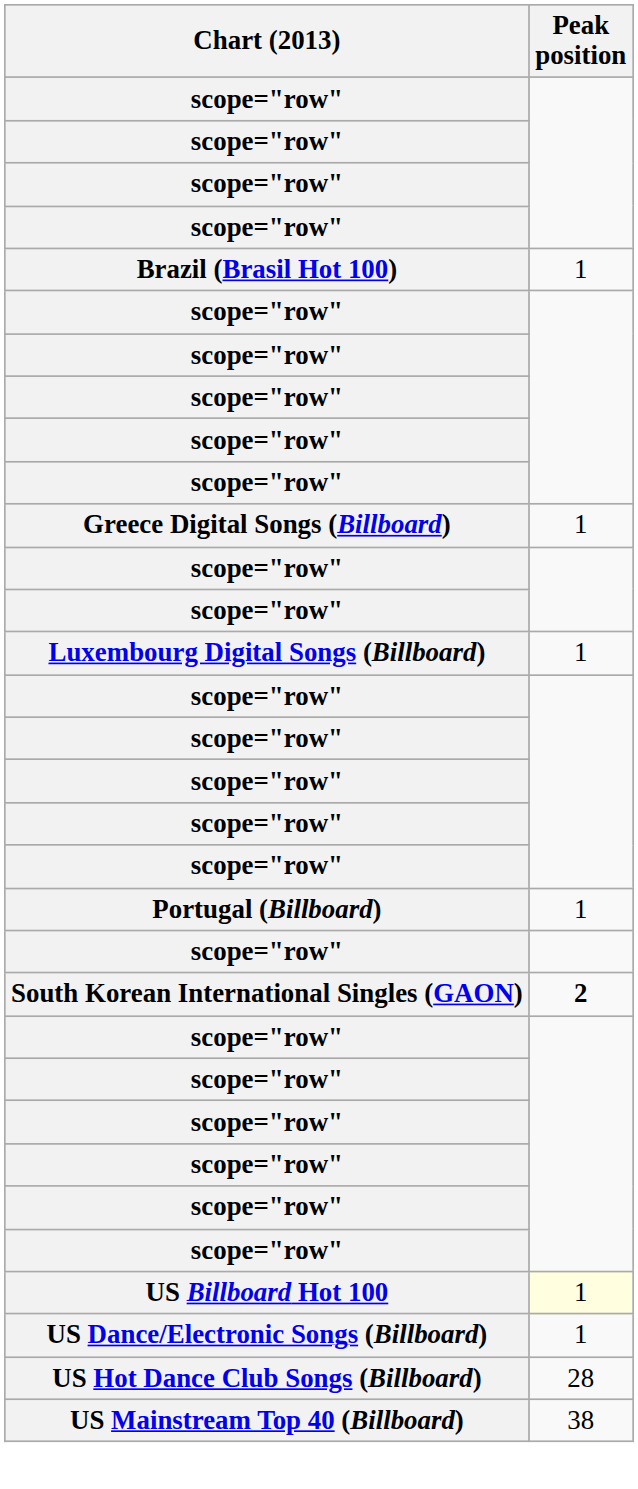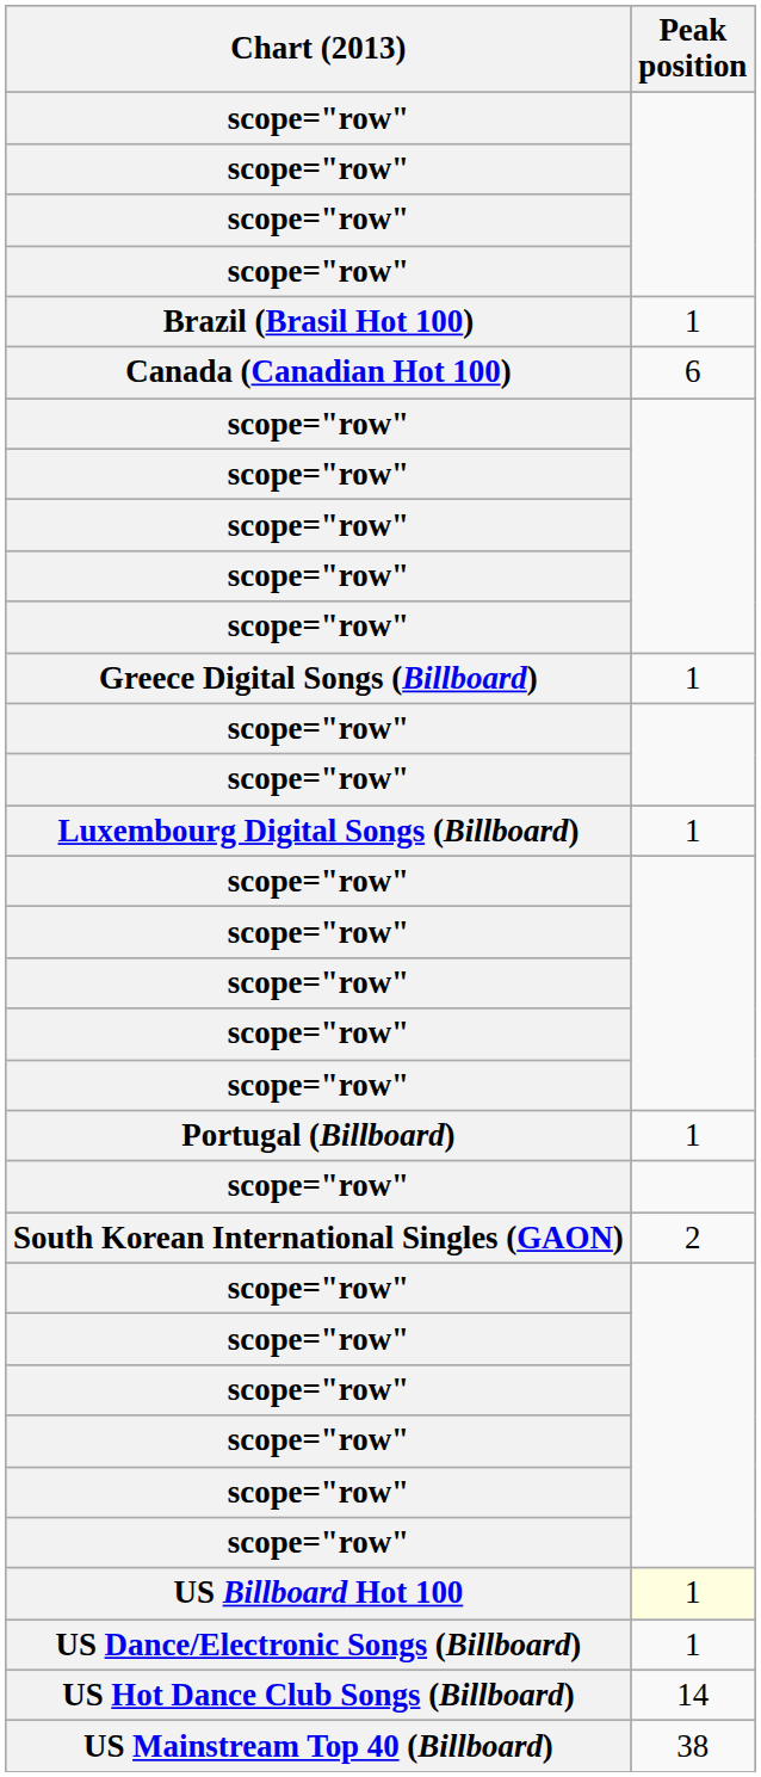 <table class="wikitable sortable plainrowheaders" style="text-align:center">
 <tr>
 <th>Chart (2013)</th>
 <th>Peak<br>position</th>
 </tr>
 <tr>
 <th>scope="row" </th>
 </tr>
 <tr>
 <th>scope="row" </th>
 </tr>
 <tr>
 <th>scope="row" </th>
 </tr>
 <tr>
 <th>scope="row" </th>
 </tr>
 <tr>
 <th scope="row">Brazil (<a href='#'>Brasil Hot 100</a>)</th>
 <td style="text-align:center;">1</td>
+</tr>
+<tr>
+<th scope="row">Canada (<a href='#'>Canadian Hot 100</a>)</th>
+<td style="text-align:center;">6</td>
 </tr>
 <tr>
 <th>scope="row" </th>
 </tr>
 <tr>
 <th>scope="row" </th>
 </tr>
 <tr>
 <th>scope="row" </th>
 </tr>
 <tr>
 <th>scope="row" </th>
 </tr>
 <tr>
 <th>scope="row" </th>
 </tr>
 <tr>
 <th scope="row">Greece Digital Songs (<em><a href='#'>Billboard</a></em>)</th>
 <td style="text-align:center;">1</td>
 </tr>
 <tr>
 <th>scope="row" </th>
 </tr>
 <tr>
 <th>scope="row" </th>
 </tr>
 <tr>
 <th scope="row"><a href='#'>Luxembourg Digital Songs</a> (<em>Billboard</em>)</th>
 <td style="text-align:center;">1</td>
 </tr>
 <tr>
 <th>scope="row" </th>
 </tr>
 <tr>
 <th>scope="row" </th>
 </tr>
 <tr>
 <th>scope="row" </th>
 </tr>
 <tr>
 <th>scope="row" </th>
 </tr>
 <tr>
 <th>scope="row" </th>
 </tr>
 <tr>
 <th scope="row">Portugal (<em>Billboard</em>)</th>
 <td style="text-align:center;">1</td>
 </tr>
 <tr>
 <th>scope="row" </th>
 </tr>
 <tr>
 <th scope="row">South Korean International Singles (<a href='#'>GAON</a>)</th>
-<td style="text-align:center;"><strong>2</strong></td>
+<td style="text-align:center;">2</td>
 </tr>
 <tr>
 <th>scope="row" </th>
 </tr>
 <tr>
 <th>scope="row" </th>
 </tr>
 <tr>
 <th>scope="row" </th>
 </tr>
 <tr>
 <th>scope="row" </th>
 </tr>
 <tr>
 <th>scope="row" </th>
 </tr>
 <tr>
 <th>scope="row" </th>
 </tr>
 <tr>
 <th scope="row">US <a href='#'><em>Billboard</em> Hot 100</a></th>
 <td style="background: lightyellow; text-align:center;">1</td>
 </tr>
 <tr>
 <th scope="row">US <a href='#'>Dance/Electronic Songs</a> (<em>Billboard</em>)</th>
 <td style="text-align:center;">1</td>
 </tr>
 <tr>
 <th scope="row">US <a href='#'>Hot Dance Club Songs</a> (<em>Billboard</em>)</th>
-<td style="text-align:center;">28</td>
+<td style="text-align:center;">14</td>
 </tr>
 <tr>
 <th scope="row">US <a href='#'>Mainstream Top 40</a> (<em>Billboard</em>)</th>
 <td style="text-align:center;">38</td>
 </tr>
 </table>
